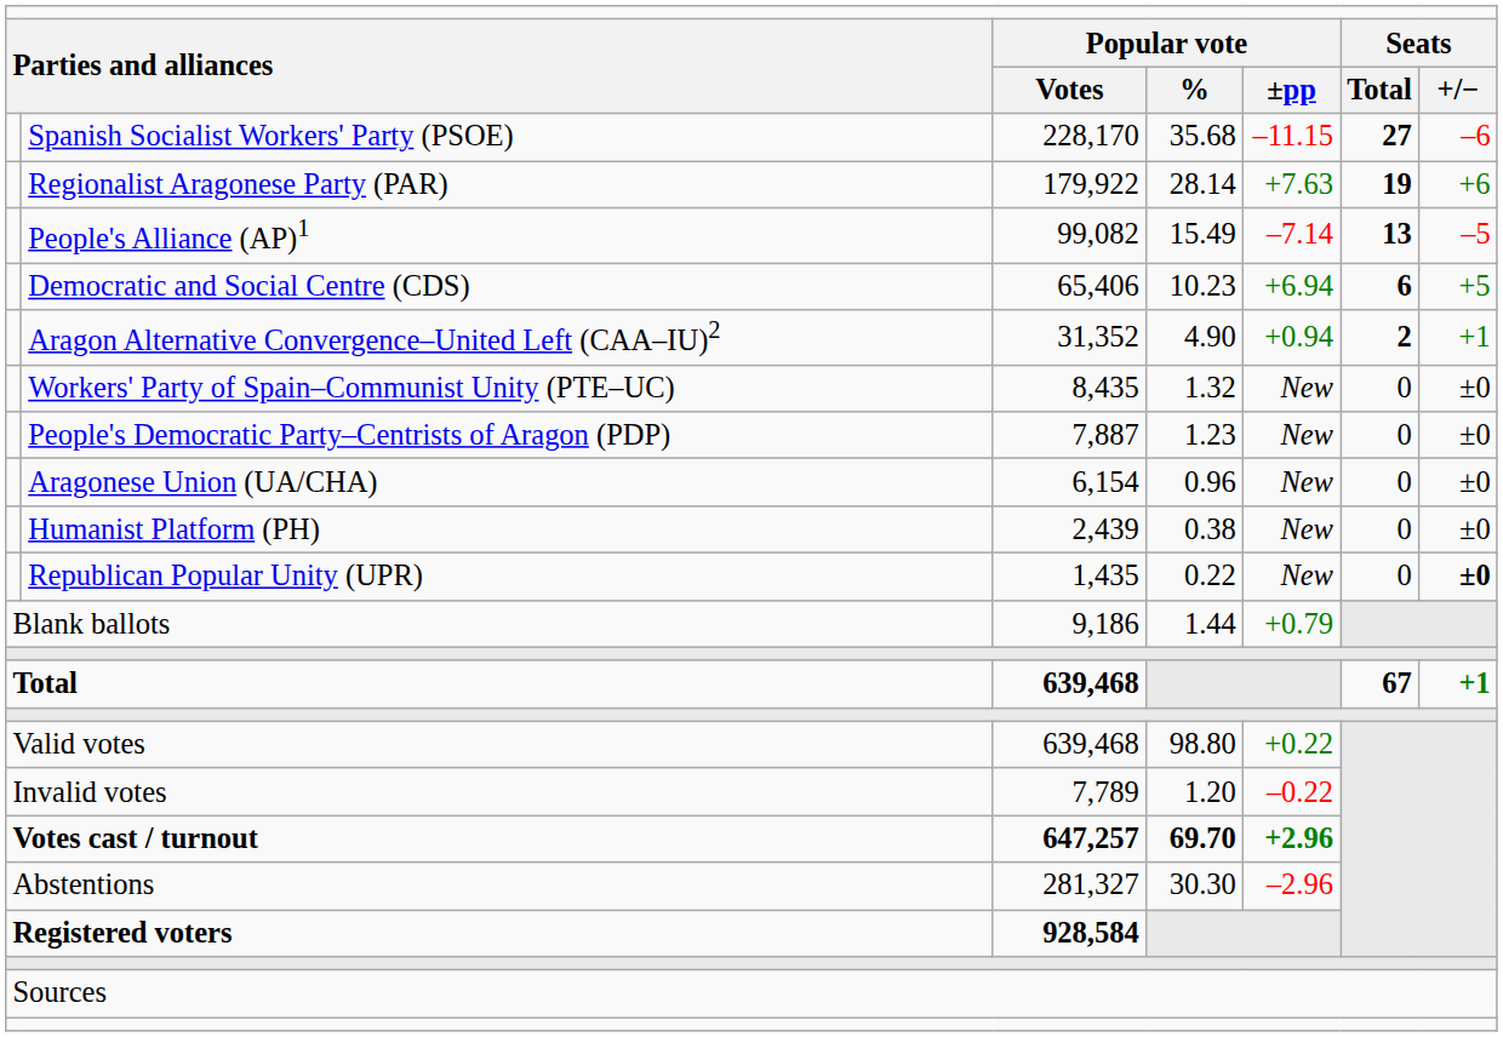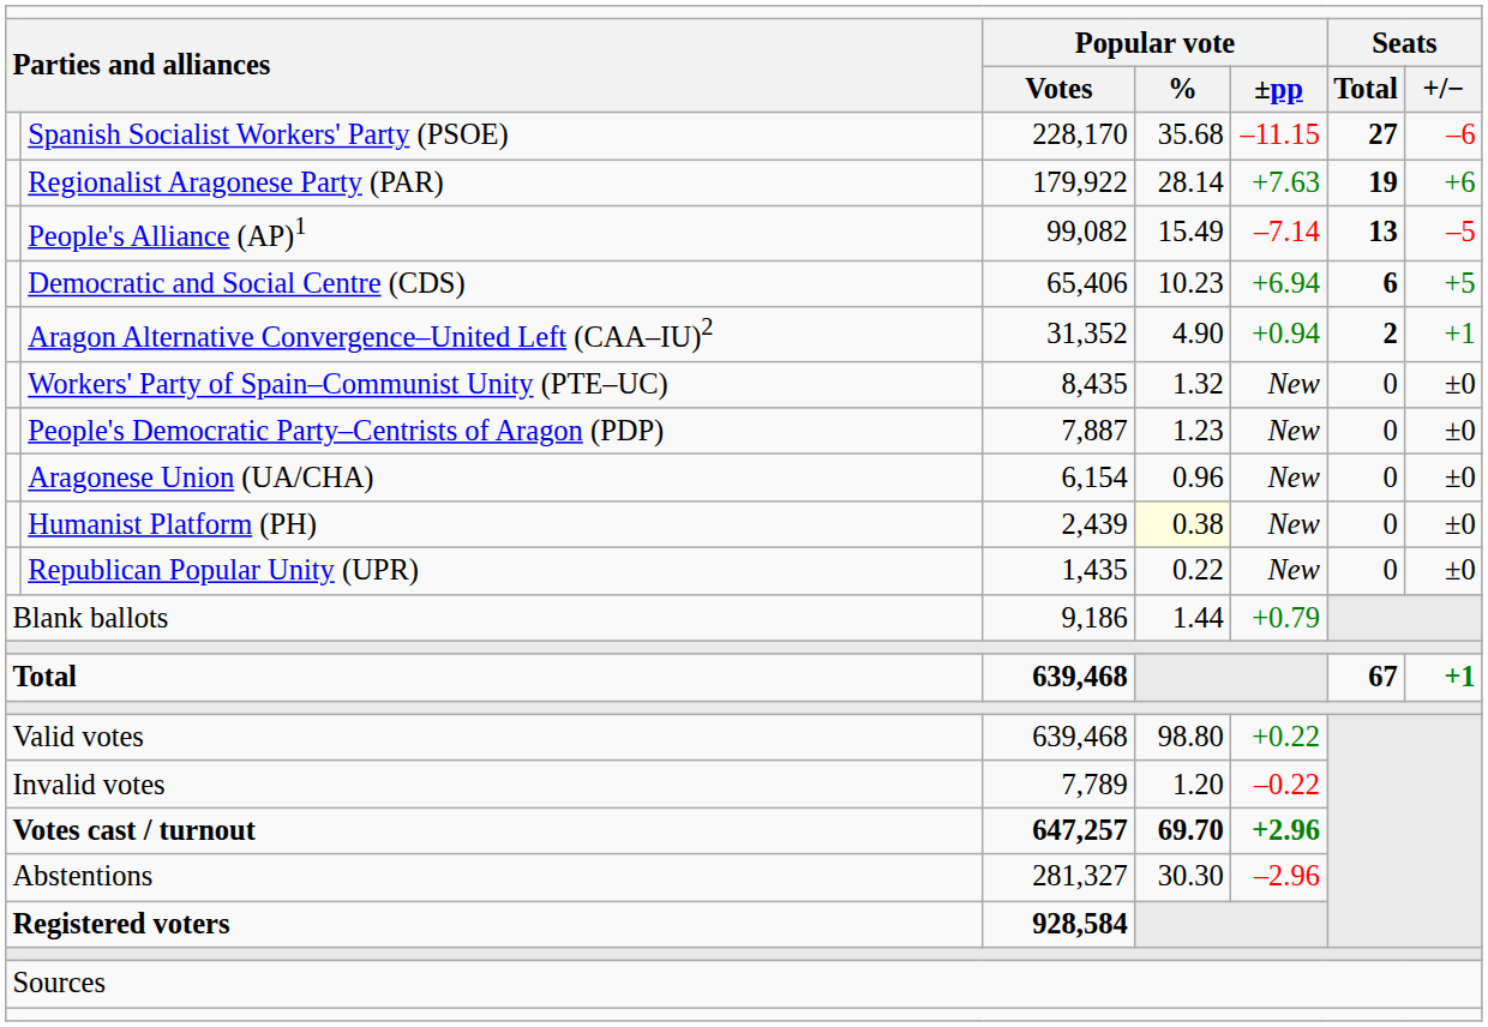 <table class="wikitable" style="text-align:right;">
 <tr>
 <td colspan="7"></td>
 </tr>
 <tr>
 <th style="text-align:left;" rowspan="2" colspan="2" width="525">Parties and alliances</th>
 <th colspan="3">Popular vote</th>
 <th colspan="2">Seats</th>
 </tr>
 <tr>
 <th width="75">Votes</th>
 <th width="45">%</th>
 <th width="45">±<a href='#'>pp</a></th>
 <th width="35">Total</th>
 <th width="35">+/−</th>
 </tr>
 <tr>
 <td width="1" style="color:inherit;background:"></td>
 <td align="left"><a href='#'>Spanish Socialist Workers' Party</a> (PSOE)</td>
 <td>228,170</td>
 <td>35.68</td>
 <td style="color:red;">–11.15</td>
 <td><strong>27</strong></td>
 <td style="color:red;">–6</td>
 </tr>
 <tr>
 <td style="color:inherit;background:"></td>
 <td align="left"><a href='#'>Regionalist Aragonese Party</a> (PAR)</td>
 <td>179,922</td>
 <td>28.14</td>
 <td style="color:green;">+7.63</td>
 <td><strong>19</strong></td>
 <td style="color:green;">+6</td>
 </tr>
 <tr>
 <td style="color:inherit;background:"></td>
 <td align="left"><a href='#'>People's Alliance</a> (AP)<sup>1</sup></td>
 <td>99,082</td>
 <td>15.49</td>
 <td style="color:red;">–7.14</td>
 <td><strong>13</strong></td>
 <td style="color:red;">–5</td>
 </tr>
 <tr>
 <td style="color:inherit;background:"></td>
 <td align="left"><a href='#'>Democratic and Social Centre</a> (CDS)</td>
 <td>65,406</td>
 <td>10.23</td>
 <td style="color:green;">+6.94</td>
 <td><strong>6</strong></td>
 <td style="color:green;">+5</td>
 </tr>
 <tr>
 <td style="color:inherit;background:"></td>
 <td align="left"><a href='#'>Aragon Alternative Convergence–United Left</a> (CAA–IU)<sup>2</sup></td>
 <td>31,352</td>
 <td>4.90</td>
 <td style="color:green;">+0.94</td>
 <td><strong>2</strong></td>
 <td style="color:green;">+1</td>
 </tr>
 <tr>
 <td style="color:inherit;background:"></td>
 <td align="left"><a href='#'>Workers' Party of Spain–Communist Unity</a> (PTE–UC)</td>
 <td>8,435</td>
 <td>1.32</td>
 <td><em>New</em></td>
 <td>0</td>
 <td>±0</td>
 </tr>
 <tr>
 <td style="color:inherit;background:"></td>
 <td align="left"><a href='#'>People's Democratic Party–Centrists of Aragon</a> (PDP)</td>
 <td>7,887</td>
 <td>1.23</td>
 <td><em>New</em></td>
 <td>0</td>
 <td>±0</td>
 </tr>
 <tr>
 <td style="color:inherit;background:"></td>
 <td align="left"><a href='#'>Aragonese Union</a> (UA/CHA)</td>
 <td>6,154</td>
 <td>0.96</td>
 <td><em>New</em></td>
 <td>0</td>
 <td>±0</td>
 </tr>
 <tr>
 <td style="color:inherit;background:"></td>
 <td align="left"><a href='#'>Humanist Platform</a> (PH)</td>
 <td>2,439</td>
-<td>0.38</td>
+<td style="background: lightyellow;">0.38</td>
 <td><em>New</em></td>
 <td>0</td>
 <td>±0</td>
 </tr>
 <tr>
 <td style="color:inherit;background:"></td>
 <td align="left"><a href='#'>Republican Popular Unity</a> (UPR)</td>
 <td>1,435</td>
 <td>0.22</td>
 <td><em>New</em></td>
 <td>0</td>
-<td><strong>±0</strong></td>
+<td>±0</td>
 </tr>
 <tr>
 <td align="left" colspan="2">Blank ballots</td>
 <td>9,186</td>
 <td>1.44</td>
 <td style="color:green;">+0.79</td>
 <td bgcolor="#E9E9E9" colspan="2"></td>
 </tr>
 <tr>
 <td colspan="7" bgcolor="#E9E9E9"></td>
 </tr>
 <tr style="font-weight:bold;">
 <td align="left" colspan="2">Total</td>
 <td>639,468</td>
 <td bgcolor="#E9E9E9" colspan="2"></td>
 <td>67</td>
 <td style="color:green;">+1</td>
 </tr>
 <tr>
 <td colspan="7" bgcolor="#E9E9E9"></td>
 </tr>
 <tr>
 <td align="left" colspan="2">Valid votes</td>
 <td>639,468</td>
 <td>98.80</td>
 <td style="color:green;">+0.22</td>
 <td bgcolor="#E9E9E9" colspan="2" rowspan="5"></td>
 </tr>
 <tr>
 <td align="left" colspan="2">Invalid votes</td>
 <td>7,789</td>
 <td>1.20</td>
 <td style="color:red;">–0.22</td>
 </tr>
 <tr style="font-weight:bold;">
 <td align="left" colspan="2">Votes cast / turnout</td>
 <td>647,257</td>
 <td>69.70</td>
 <td style="color:green;">+2.96</td>
 </tr>
 <tr>
 <td align="left" colspan="2">Abstentions</td>
 <td>281,327</td>
 <td>30.30</td>
 <td style="color:red;">–2.96</td>
 </tr>
 <tr style="font-weight:bold;">
 <td align="left" colspan="2">Registered voters</td>
 <td>928,584</td>
 <td bgcolor="#E9E9E9" colspan="2"></td>
 </tr>
 <tr>
 <td colspan="7" bgcolor="#E9E9E9"></td>
 </tr>
 <tr>
 <td align="left" colspan="7">Sources</td>
 </tr>
 <tr>
 <td colspan="7" style="text-align:left; max-width:790px;"></td>
 </tr>
 </table>
